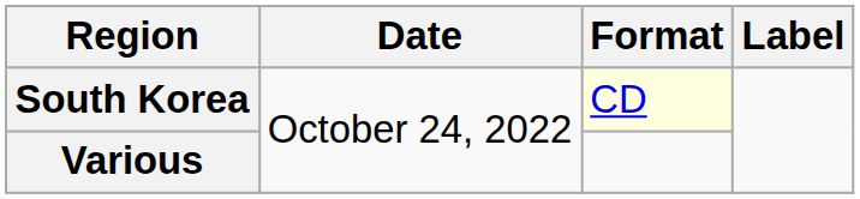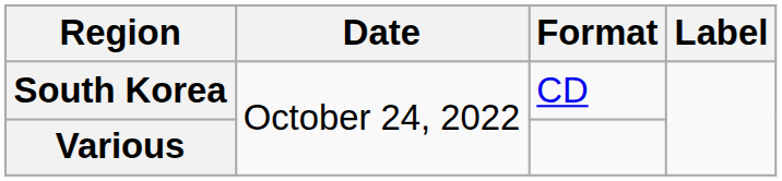 <table class="wikitable plainrowheaders">
 <tr>
 <th scope="col">Region</th>
 <th scope="col">Date</th>
 <th scope="col">Format</th>
 <th scope="col">Label</th>
 </tr>
 <tr>
 <th scope="row">South Korea</th>
 <td rowspan="2">October 24, 2022</td>
-<td style="background: lightyellow;"><a href='#'>CD</a></td>
+<td><a href='#'>CD</a></td>
 <td rowspan="2"></td>
 </tr>
 <tr>
 <th scope="row">Various </th>
 <td></td>
 </tr>
 </table>
